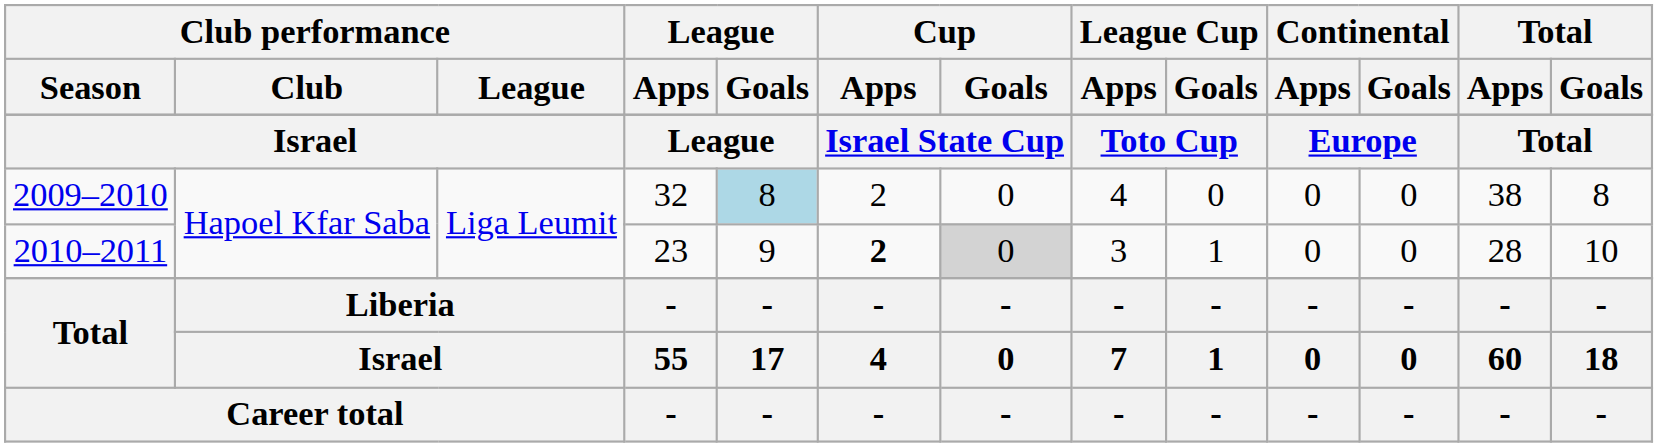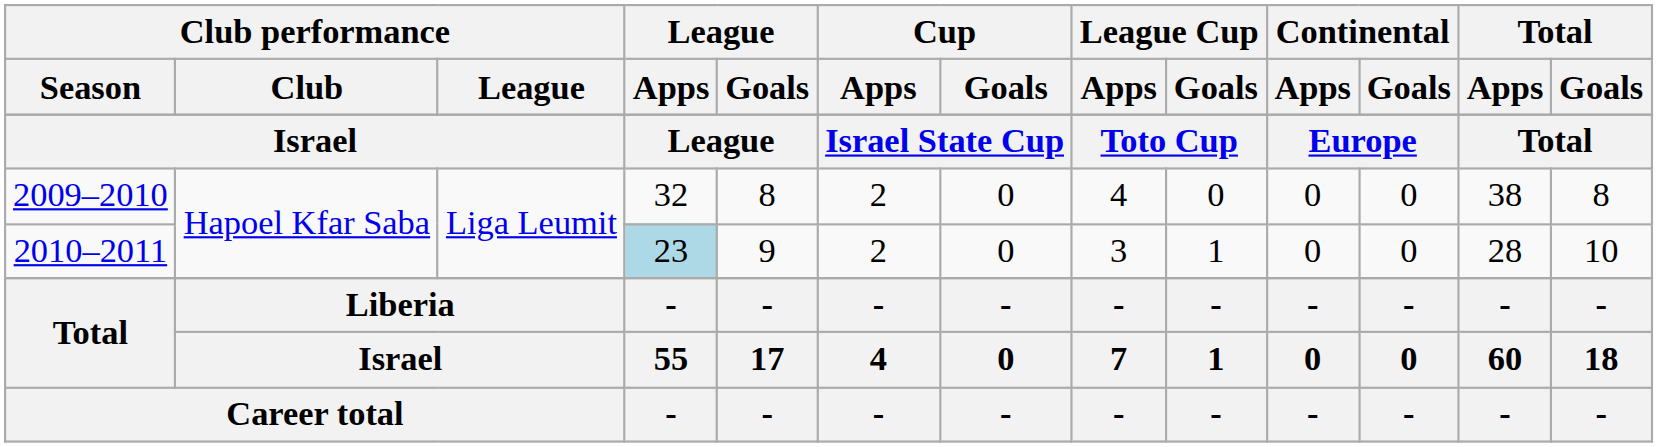 <table class="wikitable" style="text-align:center">
 <tr>
 <th colspan=3>Club performance</th>
 <th colspan=2>League</th>
 <th colspan=2>Cup</th>
 <th colspan=2>League Cup</th>
 <th colspan=2>Continental</th>
 <th colspan=2>Total</th>
 </tr>
 <tr>
 <th>Season</th>
 <th>Club</th>
 <th>League</th>
 <th>Apps</th>
 <th>Goals</th>
 <th>Apps</th>
 <th>Goals</th>
 <th>Apps</th>
 <th>Goals</th>
 <th>Apps</th>
 <th>Goals</th>
 <th>Apps</th>
 <th>Goals</th>
 </tr>
 <tr>
 </tr>
 <tr>
 <th colspan=3>Israel</th>
 <th colspan=2>League</th>
 <th colspan=2><a href='#'>Israel State Cup</a></th>
 <th colspan=2><a href='#'>Toto Cup</a></th>
 <th colspan=2><a href='#'>Europe</a></th>
 <th colspan=2>Total</th>
 </tr>
 <tr>
 <td><a href='#'>2009–2010</a></td>
 <td rowspan="2"><a href='#'>Hapoel Kfar Saba</a></td>
 <td rowspan="2"><a href='#'>Liga Leumit</a></td>
 <td>32</td>
-<td style="background: lightblue;">8</td>
+<td>8</td>
 <td>2</td>
 <td>0</td>
 <td>4</td>
 <td>0</td>
 <td>0</td>
 <td>0</td>
 <td>38</td>
 <td>8</td>
 </tr>
 <tr>
 <td><a href='#'>2010–2011</a></td>
-<td>23</td>
+<td style="background: lightblue;">23</td>
 <td>9</td>
-<td><strong>2</strong></td>
-<td style="background: lightgrey;">0</td>
+<td>2</td>
+<td>0</td>
 <td>3</td>
 <td>1</td>
 <td>0</td>
 <td>0</td>
 <td>28</td>
 <td>10</td>
 </tr>
 <tr>
 </tr>
 <tr>
 <th rowspan=2>Total</th>
 <th colspan=2>Liberia</th>
 <th>-</th>
 <th>-</th>
 <th>-</th>
 <th>-</th>
 <th>-</th>
 <th>-</th>
 <th>-</th>
 <th>-</th>
 <th>-</th>
 <th>-</th>
 </tr>
 <tr>
 <th colspan=2>Israel</th>
 <th>55</th>
 <th>17</th>
 <th>4</th>
 <th>0</th>
 <th>7</th>
 <th>1</th>
 <th>0</th>
 <th>0</th>
 <th>60</th>
 <th>18</th>
 </tr>
 <tr>
 <th colspan=3>Career total</th>
 <th>-</th>
 <th>-</th>
 <th>-</th>
 <th>-</th>
 <th>-</th>
 <th>-</th>
 <th>-</th>
 <th>-</th>
 <th>-</th>
 <th>-</th>
 </tr>
 </table>
